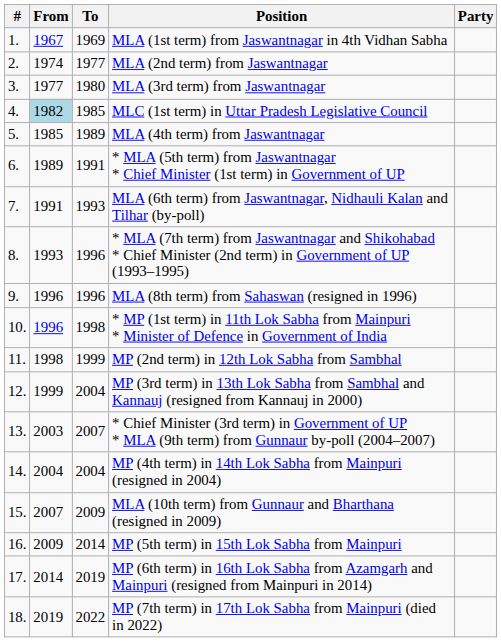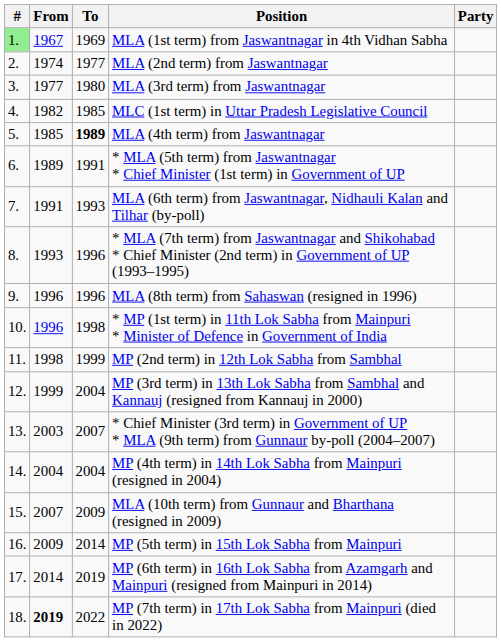 <table class="wikitable sortable" width=60%>
 <tr>
 <th>#</th>
 <th>From</th>
 <th>To</th>
 <th>Position</th>
 <th colspan=2>Party</th>
 </tr>
 <tr>
-<td>1.</td>
+<td style="background: lightgreen;">1.</td>
 <td><a href='#'>1967</a></td>
 <td>1969</td>
 <td><a href='#'>MLA</a> (1st term) from <a href='#'>Jaswantnagar</a> in 4th Vidhan Sabha</td>
 <td></td>
 </tr>
 <tr>
 <td>2.</td>
 <td>1974</td>
 <td>1977</td>
 <td><a href='#'>MLA</a> (2nd term) from <a href='#'>Jaswantnagar</a></td>
 <td></td>
 </tr>
 <tr>
 <td>3.</td>
 <td>1977</td>
 <td>1980</td>
 <td><a href='#'>MLA</a> (3rd term) from <a href='#'>Jaswantnagar</a></td>
 <td></td>
 </tr>
 <tr>
 <td>4.</td>
-<td style="background: lightblue;">1982</td>
+<td>1982</td>
 <td>1985</td>
 <td><a href='#'>MLC</a> (1st term) in <a href='#'>Uttar Pradesh Legislative Council</a></td>
 <td></td>
 </tr>
 <tr>
 <td>5.</td>
 <td>1985</td>
-<td>1989</td>
+<td><strong>1989</strong></td>
 <td><a href='#'>MLA</a> (4th term) from <a href='#'>Jaswantnagar</a></td>
 <td></td>
 </tr>
 <tr>
 <td>6.</td>
 <td>1989</td>
 <td>1991</td>
 <td>* <a href='#'>MLA</a> (5th term) from <a href='#'>Jaswantnagar</a> <br> * <a href='#'>Chief Minister</a> (1st term) in <a href='#'>Government of UP</a></td>
 <td></td>
 </tr>
 <tr>
 <td>7.</td>
 <td>1991</td>
 <td>1993</td>
 <td><a href='#'>MLA</a> (6th term) from <a href='#'>Jaswantnagar</a>, <a href='#'>Nidhauli Kalan</a> and <a href='#'>Tilhar</a> (by-poll)</td>
 <td></td>
 </tr>
 <tr>
 <td>8.</td>
 <td>1993</td>
 <td>1996</td>
 <td>* <a href='#'>MLA</a> (7th term) from <a href='#'>Jaswantnagar</a> and <a href='#'>Shikohabad</a> <br> * Chief Minister (2nd term) in <a href='#'>Government of UP</a> (1993–1995)</td>
 <td></td>
 </tr>
 <tr>
 <td>9.</td>
 <td>1996</td>
 <td>1996</td>
 <td><a href='#'>MLA</a> (8th term) from <a href='#'>Sahaswan</a> (resigned in 1996)</td>
 <td></td>
 </tr>
 <tr>
 <td>10.</td>
 <td><a href='#'>1996</a></td>
 <td>1998</td>
 <td>* <a href='#'>MP</a> (1st term) in <a href='#'>11th Lok Sabha</a> from <a href='#'>Mainpuri</a> <br> * <a href='#'>Minister of Defence</a> in <a href='#'>Government of India</a></td>
 <td></td>
 </tr>
 <tr>
 <td>11.</td>
 <td>1998</td>
 <td>1999</td>
 <td><a href='#'>MP</a> (2nd term) in <a href='#'>12th Lok Sabha</a> from <a href='#'>Sambhal</a></td>
 <td></td>
 </tr>
 <tr>
 <td>12.</td>
 <td>1999</td>
 <td>2004</td>
 <td><a href='#'>MP</a> (3rd term) in <a href='#'>13th Lok Sabha</a> from <a href='#'>Sambhal</a> and <a href='#'>Kannauj</a> (resigned from Kannauj in 2000)</td>
 <td></td>
 </tr>
 <tr>
 <td>13.</td>
 <td>2003</td>
 <td>2007</td>
 <td>* Chief Minister (3rd term) in <a href='#'>Government of UP</a> <br> * <a href='#'>MLA</a> (9th term) from <a href='#'>Gunnaur</a> by-poll (2004–2007)</td>
 <td></td>
 </tr>
 <tr>
 <td>14.</td>
 <td>2004</td>
 <td>2004</td>
 <td><a href='#'>MP</a> (4th term) in <a href='#'>14th Lok Sabha</a> from <a href='#'>Mainpuri</a> (resigned in 2004)</td>
 <td></td>
 </tr>
 <tr>
 <td>15.</td>
 <td>2007</td>
 <td>2009</td>
 <td><a href='#'>MLA</a> (10th term) from <a href='#'>Gunnaur</a> and <a href='#'>Bharthana</a> (resigned in 2009)</td>
 <td></td>
 </tr>
 <tr>
 <td>16.</td>
 <td>2009</td>
 <td>2014</td>
 <td><a href='#'>MP</a> (5th term) in <a href='#'>15th Lok Sabha</a> from <a href='#'>Mainpuri</a></td>
 <td></td>
 </tr>
 <tr>
 <td>17.</td>
 <td>2014</td>
 <td>2019</td>
 <td><a href='#'>MP</a> (6th term) in <a href='#'>16th Lok Sabha</a> from <a href='#'>Azamgarh</a> and <a href='#'>Mainpuri</a> (resigned from Mainpuri in 2014)</td>
 <td></td>
 </tr>
 <tr>
 <td>18.</td>
-<td>2019</td>
+<td><strong>2019</strong></td>
 <td>2022</td>
 <td><a href='#'>MP</a> (7th term) in <a href='#'>17th Lok Sabha</a> from <a href='#'>Mainpuri</a> (died in 2022)</td>
 <td></td>
 </tr>
 </table>
